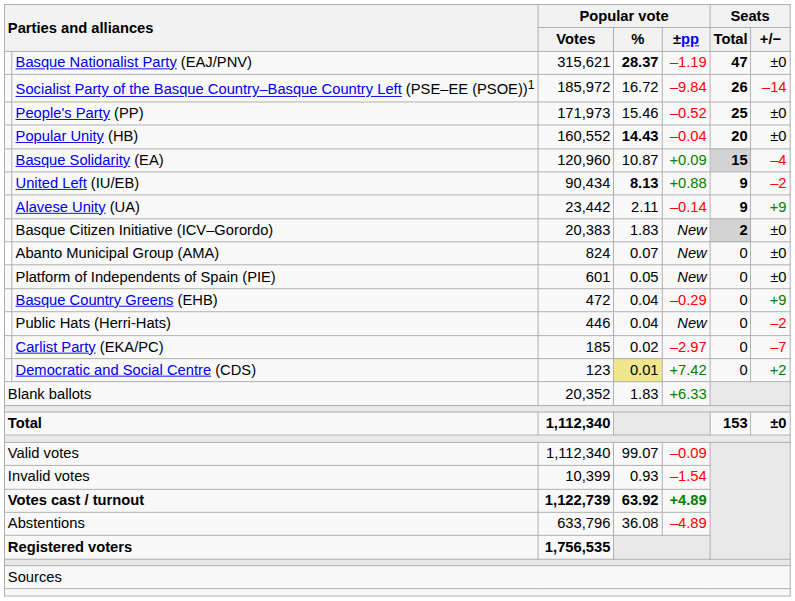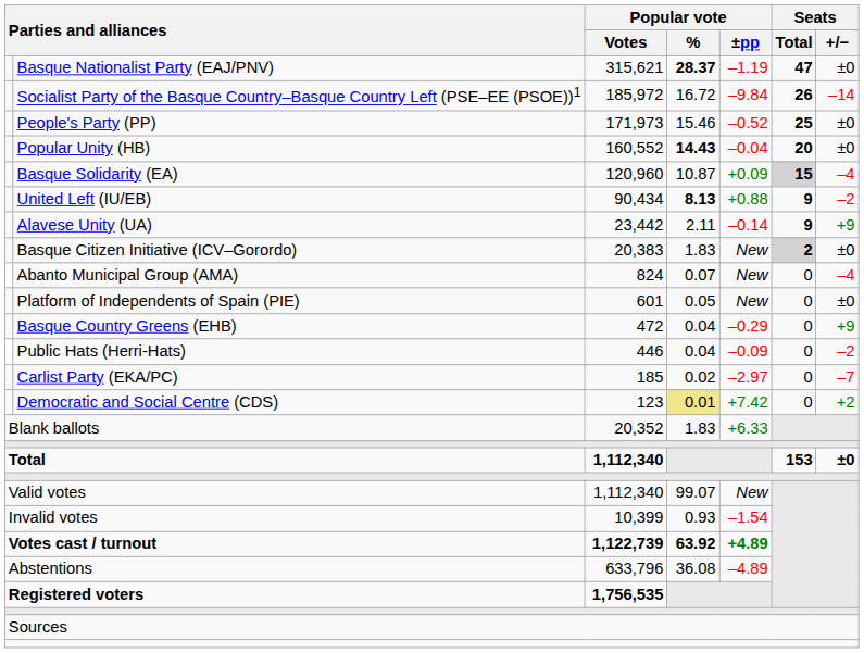 <table class="wikitable" style="text-align:right;">
 <tr>
 <th style="text-align:left;" rowspan="2" colspan="2" width="525">Parties and alliances</th>
 <th colspan="3">Popular vote</th>
 <th colspan="2">Seats</th>
 </tr>
 <tr>
 <th width="75">Votes</th>
 <th width="45">%</th>
 <th width="45">±<a href='#'>pp</a></th>
 <th width="35">Total</th>
 <th width="35">+/−</th>
 </tr>
 <tr>
 <td width="1" style="color:inherit;background:"></td>
 <td align="left"><a href='#'>Basque Nationalist Party</a> (EAJ/PNV)</td>
 <td>315,621</td>
 <td><strong>28.37</strong></td>
 <td style="color:red;">–1.19</td>
 <td><strong>47</strong></td>
 <td>±0</td>
 </tr>
 <tr>
 <td style="color:inherit;background:"></td>
 <td align="left"><a href='#'>Socialist Party of the Basque Country–Basque Country Left</a> (PSE–EE (PSOE))<sup>1</sup></td>
 <td>185,972</td>
 <td>16.72</td>
 <td style="color:red;">–9.84</td>
 <td><strong>26</strong></td>
 <td style="color:red;">–14</td>
 </tr>
 <tr>
 <td style="color:inherit;background:"></td>
 <td align="left"><a href='#'>People's Party</a> (PP)</td>
 <td>171,973</td>
 <td>15.46</td>
 <td style="color:red;">–0.52</td>
 <td><strong>25</strong></td>
 <td>±0</td>
 </tr>
 <tr>
 <td style="color:inherit;background:"></td>
 <td align="left"><a href='#'>Popular Unity</a> (HB)</td>
 <td>160,552</td>
 <td><strong>14.43</strong></td>
 <td style="color:red;">–0.04</td>
 <td><strong>20</strong></td>
 <td>±0</td>
 </tr>
 <tr>
 <td style="color:inherit;background:"></td>
 <td align="left"><a href='#'>Basque Solidarity</a> (EA)</td>
 <td>120,960</td>
 <td>10.87</td>
 <td style="color:green;">+0.09</td>
 <td style="background: lightgrey;"><strong>15</strong></td>
 <td style="color:red;">–4</td>
 </tr>
 <tr>
 <td style="color:inherit;background:"></td>
 <td align="left"><a href='#'>United Left</a> (IU/EB)</td>
 <td>90,434</td>
 <td><strong>8.13</strong></td>
 <td style="color:green;">+0.88</td>
 <td><strong>9</strong></td>
 <td style="color:red;">–2</td>
 </tr>
 <tr>
 <td style="color:inherit;background:"></td>
 <td align="left"><a href='#'>Alavese Unity</a> (UA)</td>
 <td>23,442</td>
 <td>2.11</td>
 <td style="color:red;">–0.14</td>
 <td><strong>9</strong></td>
 <td style="color:green;">+9</td>
 </tr>
 <tr>
 <td style="color:inherit;background:"></td>
 <td align="left">Basque Citizen Initiative (ICV–Gorordo)</td>
 <td>20,383</td>
 <td>1.83</td>
 <td><em>New</em></td>
 <td style="background: lightgrey;"><strong>2</strong></td>
 <td>±0</td>
 </tr>
 <tr>
 <td bgcolor="white"></td>
 <td align="left">Abanto Municipal Group (AMA)</td>
 <td>824</td>
 <td>0.07</td>
 <td><em>New</em></td>
 <td>0</td>
-<td>±0</td>
+<td style="color:red;">–4</td>
 </tr>
 <tr>
 <td style="color:inherit;background:"></td>
 <td align="left">Platform of Independents of Spain (PIE)</td>
 <td>601</td>
 <td>0.05</td>
 <td><em>New</em></td>
 <td>0</td>
 <td>±0</td>
 </tr>
 <tr>
 <td style="color:inherit;background:"></td>
 <td align="left"><a href='#'>Basque Country Greens</a> (EHB)</td>
 <td>472</td>
 <td>0.04</td>
 <td style="color:red;">–0.29</td>
 <td>0</td>
 <td style="color:green;">+9</td>
 </tr>
 <tr>
 <td bgcolor="white"></td>
 <td align="left">Public Hats (Herri-Hats)</td>
 <td>446</td>
 <td>0.04</td>
-<td><em>New</em></td>
+<td style="color:red;">–0.09</td>
 <td>0</td>
 <td style="color:red;">–2</td>
 </tr>
 <tr>
 <td style="color:inherit;background:"></td>
 <td align="left"><a href='#'>Carlist Party</a> (EKA/PC)</td>
 <td>185</td>
 <td>0.02</td>
 <td style="color:red;">–2.97</td>
 <td>0</td>
 <td style="color:red;">–7</td>
 </tr>
 <tr>
 <td style="color:inherit;background:"></td>
 <td align="left"><a href='#'>Democratic and Social Centre</a> (CDS)</td>
 <td>123</td>
 <td style="background: khaki;">0.01</td>
 <td style="color:green;">+7.42</td>
 <td>0</td>
 <td style="color:green;">+2</td>
 </tr>
 <tr>
 <td align="left" colspan="2">Blank ballots</td>
 <td>20,352</td>
 <td>1.83</td>
 <td style="color:green;">+6.33</td>
 <td bgcolor="#E9E9E9" colspan="2"></td>
 </tr>
 <tr>
 <td colspan="7" bgcolor="#E9E9E9"></td>
 </tr>
 <tr style="font-weight:bold;">
 <td align="left" colspan="2">Total</td>
 <td>1,112,340</td>
 <td bgcolor="#E9E9E9" colspan="2"></td>
 <td>153</td>
 <td>±0</td>
 </tr>
 <tr>
 <td colspan="7" bgcolor="#E9E9E9"></td>
 </tr>
 <tr>
 <td align="left" colspan="2">Valid votes</td>
 <td>1,112,340</td>
 <td>99.07</td>
-<td style="color:red;">–0.09</td>
+<td><em>New</em></td>
 <td bgcolor="#E9E9E9" colspan="2" rowspan="5"></td>
 </tr>
 <tr>
 <td align="left" colspan="2">Invalid votes</td>
 <td>10,399</td>
 <td>0.93</td>
 <td style="color:red;">–1.54</td>
 </tr>
 <tr style="font-weight:bold;">
 <td align="left" colspan="2">Votes cast / turnout</td>
 <td>1,122,739</td>
 <td>63.92</td>
 <td style="color:green;">+4.89</td>
 </tr>
 <tr>
 <td align="left" colspan="2">Abstentions</td>
 <td>633,796</td>
 <td>36.08</td>
 <td style="color:red;">–4.89</td>
 </tr>
 <tr style="font-weight:bold;">
 <td align="left" colspan="2">Registered voters</td>
 <td>1,756,535</td>
 <td bgcolor="#E9E9E9" colspan="2"></td>
 </tr>
 <tr>
 <td colspan="7" bgcolor="#E9E9E9"></td>
 </tr>
 <tr>
 <td align="left" colspan="7">Sources</td>
 </tr>
 <tr>
 <td colspan="7" style="text-align:left; max-width:790px;"></td>
 </tr>
 </table>
